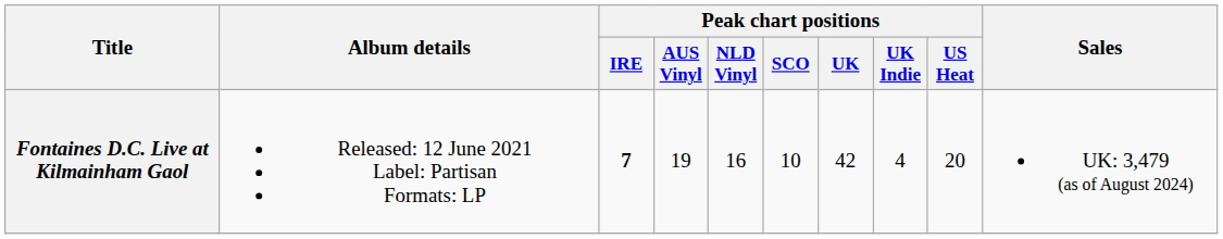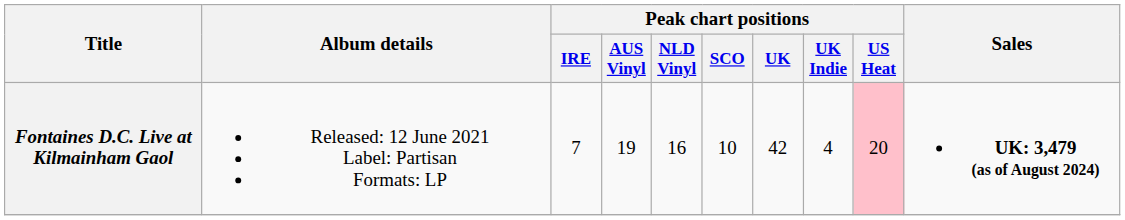 <table class="wikitable plainrowheaders" style="text-align:center;">
 <tr>
 <th scope="col" rowspan="2" style="width:10em;">Title</th>
 <th scope="col" rowspan="2" style="width:18em;">Album details</th>
 <th scope="col" colspan="7">Peak chart positions</th>
 <th scope="col" rowspan="2" style="width:11em;">Sales</th>
 </tr>
 <tr>
 <th scope="col" style="width:2.5em;font-size:90%;"><a href='#'>IRE</a><br></th>
 <th scope="col" style="width:2.5em;font-size:90%;"><a href='#'>AUS<br>Vinyl</a><br></th>
 <th scope="col" style="width:2.5em;font-size:90%;"><a href='#'>NLD<br>Vinyl</a><br></th>
 <th scope="col" style="width:2.5em;font-size:90%;"><a href='#'>SCO</a><br></th>
 <th scope="col" style="width:2.5em;font-size:90%;"><a href='#'>UK</a><br></th>
 <th scope="col" style="width:2.5em;font-size:90%;"><a href='#'>UK<br>Indie</a><br></th>
 <th scope="col" style="width:2.5em;font-size:90%;"><a href='#'>US<br>Heat</a><br></th>
 </tr>
 <tr>
 <th scope="row"><em>Fontaines D.C. Live at Kilmainham Gaol</em></th>
 <td><br><ul><li>Released: 12 June 2021</li><li>Label: Partisan</li><li>Formats: LP</li></ul></td>
-<td><strong>7</strong></td>
+<td>7</td>
 <td>19</td>
 <td>16</td>
 <td>10</td>
 <td>42</td>
 <td>4</td>
-<td>20</td>
-<td><br><ul><li>UK: 3,479<br><small>(as of August 2024)</small></li></ul></td>
+<td style="background: pink;">20</td>
+<td><strong><br><ul><li>UK: 3,479<br><small>(as of August 2024)</small></li></ul></strong></td>
 </tr>
 <tr>
 </tr>
 </table>
